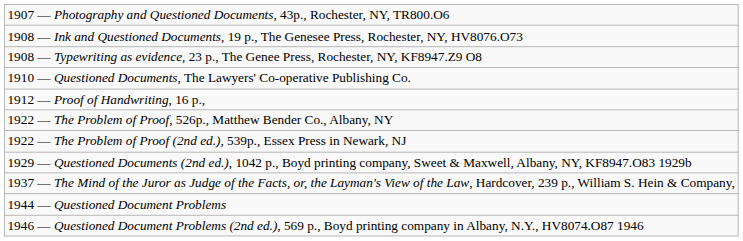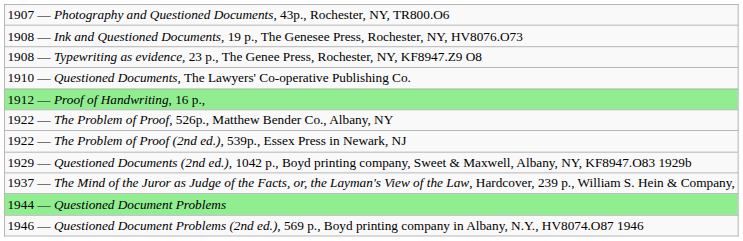 <table class="wikitable">
 <tr>
 <td>1907 — <em>Photography and Questioned Documents</em>, 43p., Rochester, NY, TR800.O6</td>
 </tr>
 <tr>
 <td>1908 — <em>Ink and Questioned Documents</em>, 19 p., The Genesee Press, Rochester, NY, HV8076.O73</td>
 </tr>
 <tr>
 <td>1908 — <em>Typewriting as evidence</em>, 23 p., The Genee Press, Rochester, NY, KF8947.Z9 O8</td>
 </tr>
 <tr>
 <td>1910 — <em>Questioned Documents</em>, The Lawyers' Co-operative Publishing Co.</td>
 </tr>
 <tr>
-<td>1912 — <em>Proof of Handwriting</em>, 16 p., </td>
+<td style="background: lightgreen;">1912 — <em>Proof of Handwriting</em>, 16 p., </td>
 </tr>
 <tr>
 <td>1922 — <em>The Problem of Proof</em>, 526p., Matthew Bender Co., Albany, NY</td>
 </tr>
 <tr>
 <td>1922 — <em>The Problem of Proof (2nd ed.)</em>, 539p., Essex Press in Newark, NJ</td>
 </tr>
 <tr>
 <td>1929 — <em>Questioned Documents (2nd ed.)</em>, 1042 p., Boyd printing company, Sweet & Maxwell, Albany, NY, KF8947.O83 1929b</td>
 </tr>
 <tr>
 <td>1937 — <em>The Mind of the Juror as Judge of the Facts, or, the Layman's View of the Law</em>, Hardcover, 239 p., William S. Hein & Company, </td>
 </tr>
 <tr>
-<td>1944 — <em>Questioned Document Problems</em></td>
+<td style="background: lightgreen;">1944 — <em>Questioned Document Problems</em></td>
 </tr>
 <tr>
 <td>1946 — <em>Questioned Document Problems (2nd ed.)</em>, 569 p., Boyd printing company in Albany, N.Y., HV8074.O87 1946</td>
 </tr>
 </table>
